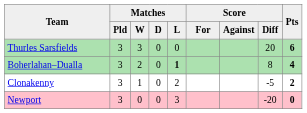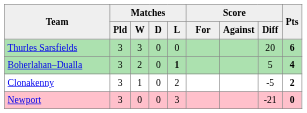 <table style=border-collapse:collapse border=1 cellspacing=0 cellpadding=5>
 <tr align=center bgcolor=#efefef>
 <th rowspan=2 width=165>Team</th>
 <th colspan=4>Matches</th>
 <th colspan=3>Score</th>
 <th rowspan=2width=20>Pts</th>
 </tr>
 <tr align=center bgcolor=#efefef>
 <th width=20>Pld</th>
 <th width=20>W</th>
 <th width=20>D</th>
 <th width=20>L</th>
 <th width=45>For</th>
 <th width=45>Against</th>
 <th width=30>Diff</th>
 </tr>
 <tr align=center style="background:#ACE1AF;">
 <td style="text-align:left;"><a href='#'>Thurles Sarsfields</a></td>
 <td>3</td>
 <td>3</td>
 <td>0</td>
 <td>0</td>
 <td></td>
 <td></td>
 <td>20</td>
 <td><strong>6</strong></td>
 </tr>
 <tr align=center style="background:#ACE1AF;">
 <td style="text-align:left;"><a href='#'>Boherlahan–Dualla</a></td>
 <td>3</td>
 <td>2</td>
 <td>0</td>
 <td><strong>1</strong></td>
 <td></td>
 <td></td>
-<td>8</td>
+<td>5</td>
 <td><strong>4</strong></td>
 </tr>
 <tr align=center>
 <td style="text-align:left;"><a href='#'>Clonakenny</a></td>
 <td>3</td>
 <td>1</td>
 <td>0</td>
 <td>2</td>
 <td></td>
 <td></td>
 <td>-5</td>
 <td><strong>2</strong></td>
 </tr>
 <tr align=center style="background:#FFC0CB;">
 <td style="text-align:left;"><a href='#'>Newport</a></td>
 <td>3</td>
 <td>0</td>
 <td>0</td>
 <td>3</td>
 <td></td>
 <td></td>
-<td>-20</td>
+<td>-21</td>
 <td><strong>0</strong></td>
 </tr>
 </table>
